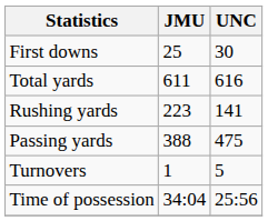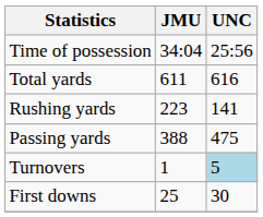 <table class="wikitable" style="float: left;">
 <tr>
 <th>Statistics</th>
 <th>JMU</th>
 <th>UNC</th>
 </tr>
 <tr>
-<td>First downs</td>
-<td>25</td>
-<td>30</td>
+<td>Time of possession</td>
+<td>34:04</td>
+<td>25:56</td>
 </tr>
 <tr>
 <td>Total yards</td>
 <td>611</td>
 <td>616</td>
 </tr>
 <tr>
 <td>Rushing yards</td>
 <td>223</td>
 <td>141</td>
 </tr>
 <tr>
 <td>Passing yards</td>
 <td>388</td>
 <td>475</td>
 </tr>
 <tr>
 <td>Turnovers</td>
 <td>1</td>
-<td>5</td>
+<td style="background: lightblue;">5</td>
 </tr>
 <tr>
-<td>Time of possession</td>
-<td>34:04</td>
-<td>25:56</td>
+<td>First downs</td>
+<td>25</td>
+<td>30</td>
 </tr>
 <tr>
 </tr>
 </table>
